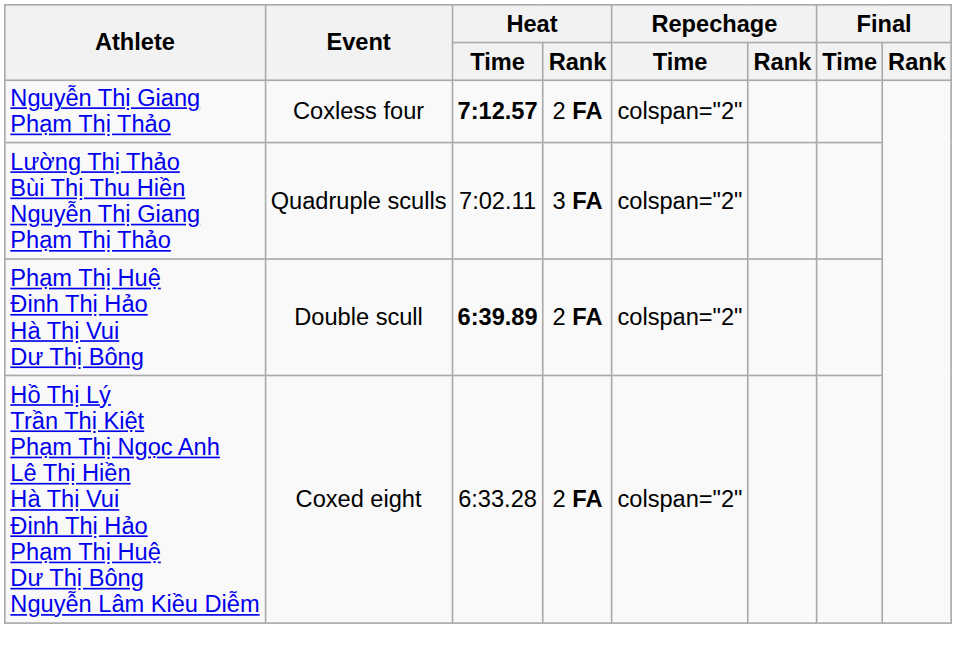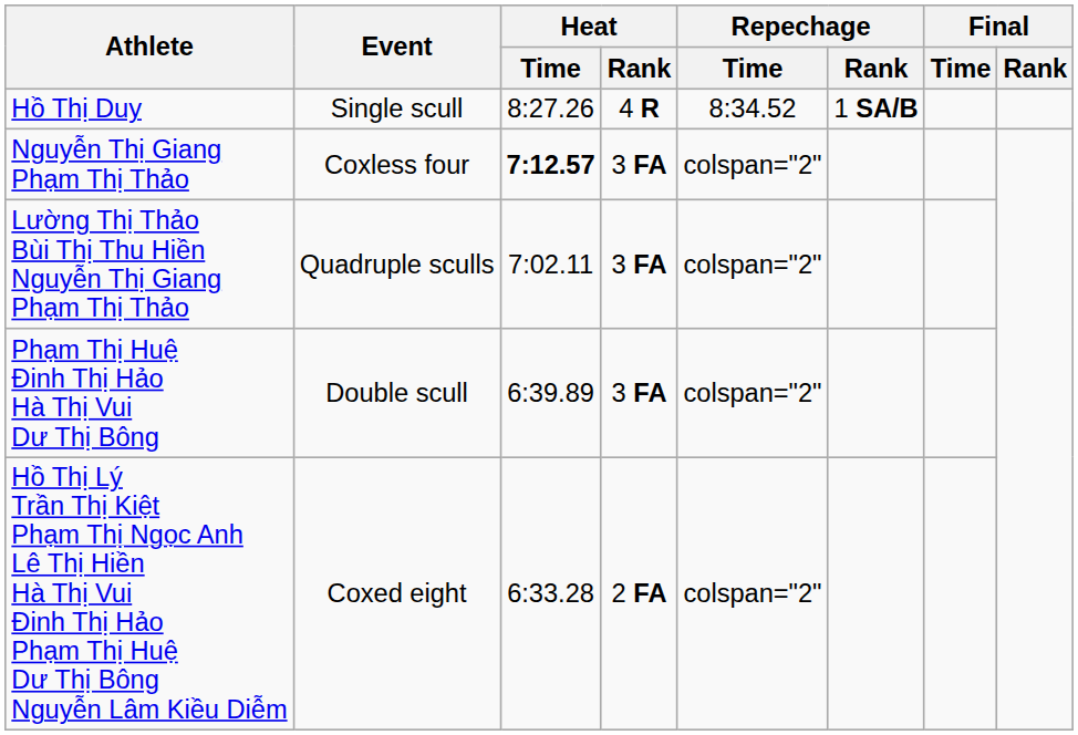 <table class=wikitable style="text-align:center; font-size:90%">
 <tr>
 <th rowspan="2">Athlete</th>
 <th rowspan="2">Event</th>
 <th colspan="2">Heat</th>
 <th colspan="2">Repechage</th>
 <th colspan="2">Final</th>
 </tr>
 <tr>
 <th>Time</th>
 <th>Rank</th>
 <th>Time</th>
 <th>Rank</th>
 <th>Time</th>
 <th>Rank</th>
 </tr>
 <tr>
+<td align=left><a href='#'>Hồ Thị Duy</a></td>
+<td>Single scull</td>
+<td>8:27.26</td>
+<td>4 <strong>R</strong></td>
+<td>8:34.52</td>
+<td>1 <strong>SA/B</strong></td>
+<td></td>
+<td></td>
+</tr>
+<tr>
 <td align=left><a href='#'>Nguyễn Thị Giang</a><br> <a href='#'>Phạm Thị Thảo</a></td>
 <td>Coxless four</td>
 <td><strong>7:12.57</strong></td>
-<td>2 <strong>FA</strong></td>
+<td>3 <strong>FA</strong></td>
 <td>colspan="2" </td>
 <td></td>
 <td></td>
 </tr>
 <tr>
 <td align=left><a href='#'>Lường Thị Thảo</a><br><a href='#'>Bùi Thị Thu Hiền</a><br><a href='#'>Nguyễn Thị Giang</a><br><a href='#'>Phạm Thị Thảo</a></td>
 <td>Quadruple sculls</td>
 <td>7:02.11</td>
 <td>3 <strong>FA</strong></td>
 <td>colspan="2" </td>
 <td></td>
 <td></td>
 </tr>
 <tr>
 <td align=left><a href='#'>Phạm Thị Huệ</a><br><a href='#'>Đinh Thị Hảo</a><br><a href='#'>Hà Thị Vui</a><br><a href='#'>Dư Thị Bông</a></td>
 <td>Double scull</td>
-<td><strong>6:39.89</strong></td>
-<td>2 <strong>FA</strong></td>
+<td>6:39.89</td>
+<td>3 <strong>FA</strong></td>
 <td>colspan="2" </td>
 <td></td>
 <td></td>
 </tr>
 <tr>
 <td align=left><a href='#'>Hồ Thị Lý </a><br><a href='#'>Trần Thị Kiệt</a><br><a href='#'>Phạm Thị Ngọc Anh</a><br><a href='#'>Lê Thị Hiền</a><br><a href='#'>Hà Thị Vui</a><br><a href='#'>Đinh Thị Hảo </a><br><a href='#'>Phạm Thị Huệ</a> <br><a href='#'>Dư Thị Bông </a><br> <a href='#'>Nguyễn Lâm Kiều Diễm</a></td>
 <td>Coxed eight</td>
 <td>6:33.28</td>
 <td>2 <strong>FA</strong></td>
 <td>colspan="2" </td>
 <td></td>
 <td></td>
 </tr>
 </table>
